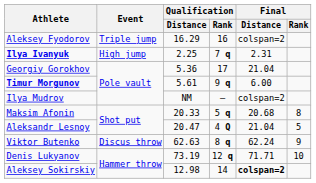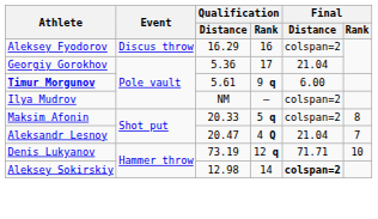 <table class="wikitable" style="font-size:90%">
 <tr>
 <th rowspan=2>Athlete</th>
 <th rowspan=2>Event</th>
 <th colspan=2>Qualification</th>
 <th colspan=2>Final</th>
 </tr>
 <tr style="font-size:95%">
 <th>Distance</th>
 <th>Rank</th>
 <th>Distance</th>
 <th>Rank</th>
 </tr>
 <tr align=center>
 <td align=left><a href='#'>Aleksey Fyodorov</a></td>
-<td align=left><a href='#'>Triple jump</a></td>
+<td align=left><a href='#'>Discus throw</a></td>
 <td>16.29</td>
 <td>16</td>
 <td>colspan=2 </td>
-</tr>
-<tr align=center>
-<td align=left><strong><a href='#'>Ilya Ivanyuk</a></strong></td>
-<td align=left><a href='#'>High jump</a></td>
-<td>2.25</td>
-<td>7 <strong>q</strong></td>
-<td>2.31</td>
-<td></td>
 </tr>
 <tr align=center>
 <td align=left><a href='#'>Georgiy Gorokhov</a></td>
 <td rowspan=3 align=left><a href='#'>Pole vault</a></td>
 <td>5.36</td>
 <td>17</td>
 <td>21.04</td>
 </tr>
 <tr align=center>
 <td align=left><strong><a href='#'>Timur Morgunov</a></strong></td>
 <td>5.61</td>
 <td>9 <strong>q</strong></td>
 <td>6.00</td>
 <td></td>
 </tr>
 <tr align=center>
 <td align=left><a href='#'>Ilya Mudrov</a></td>
 <td>NM</td>
 <td>–</td>
 <td>colspan=2 </td>
 </tr>
 <tr align=center>
 <td align=left><a href='#'>Maksim Afonin</a></td>
 <td rowspan=2 align=left><a href='#'>Shot put</a></td>
 <td>20.33</td>
 <td>5 <strong>q</strong></td>
-<td>20.68</td>
+<td>colspan=2 </td>
 <td>8</td>
 </tr>
 <tr align=center>
 <td align=left><a href='#'>Aleksandr Lesnoy</a></td>
 <td>20.47</td>
 <td>4 <strong>Q</strong></td>
 <td>21.04</td>
-<td>5</td>
-</tr>
-<tr align=center>
-<td align=left><a href='#'>Viktor Butenko</a></td>
-<td align=left><a href='#'>Discus throw</a></td>
-<td>62.63</td>
-<td>8 <strong>q</strong></td>
-<td>62.24</td>
-<td>9</td>
+<td>7</td>
 </tr>
 <tr align=center>
 <td align=left><a href='#'>Denis Lukyanov</a></td>
 <td rowspan=2><a href='#'>Hammer throw</a></td>
 <td>73.19</td>
 <td>12 <strong>q</strong></td>
 <td>71.71</td>
 <td>10</td>
 </tr>
 <tr align=center>
 <td align=left><a href='#'>Aleksey Sokirskiy</a></td>
 <td>12.98</td>
 <td>14</td>
 <td><strong>colspan=2 </strong></td>
 </tr>
 </table>
